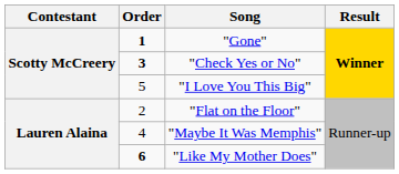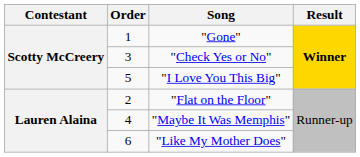 <table class="wikitable unsortable" style="text-align:center;">
 <tr>
 <th scope="col">Contestant</th>
 <th scope="col">Order</th>
 <th scope="col">Song</th>
 <th scope="col">Result</th>
 </tr>
 <tr>
 <th scope="row" rowspan="3">Scotty McCreery</th>
-<td><strong>1</strong></td>
+<td>1</td>
 <td>"<a href='#'>Gone</a>"</td>
 <td rowspan="3" bgcolor="gold"><strong>Winner</strong></td>
 </tr>
 <tr>
-<td><strong>3</strong></td>
+<td>3</td>
 <td>"<a href='#'>Check Yes or No</a>"</td>
 </tr>
 <tr>
 <td>5</td>
 <td>"<a href='#'>I Love You This Big</a>"</td>
 </tr>
 <tr>
 <th scope="row" rowspan="3">Lauren Alaina</th>
 <td>2</td>
 <td>"<a href='#'>Flat on the Floor</a>"</td>
 <td rowspan="3" bgcolor="silver">Runner-up</td>
 </tr>
 <tr>
 <td>4</td>
 <td>"<a href='#'>Maybe It Was Memphis</a>"</td>
 </tr>
 <tr>
-<td><strong>6</strong></td>
+<td>6</td>
 <td>"<a href='#'>Like My Mother Does</a>"</td>
 </tr>
 </table>
